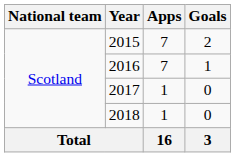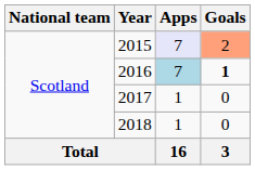 <table class=wikitable style="text-align: center;">
 <tr>
 <th>National team</th>
 <th>Year</th>
 <th>Apps</th>
 <th>Goals</th>
 </tr>
 <tr>
 <td rowspan=4><a href='#'>Scotland</a></td>
 <td>2015</td>
-<td>7</td>
-<td>2</td>
+<td style="background: lavender;">7</td>
+<td style="background: lightsalmon;">2</td>
 </tr>
 <tr>
 <td>2016</td>
-<td>7</td>
-<td>1</td>
+<td style="background: lightblue;">7</td>
+<td><strong>1</strong></td>
 </tr>
 <tr>
 <td>2017</td>
 <td>1</td>
 <td>0</td>
 </tr>
 <tr>
 <td>2018</td>
 <td>1</td>
 <td>0</td>
 </tr>
 <tr>
 <th colspan=2>Total</th>
 <th>16</th>
 <th>3</th>
 </tr>
 </table>
